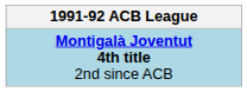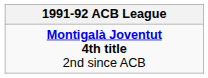 <table class="wikitable" style="margin: 0 auto; width: 20%;">
 <tr>
 <th>1991-92 ACB League</th>
 </tr>
 <tr>
-<td align=center style="background: lightblue;"><strong><a href='#'>Montigalà Joventut</a></strong><br><strong>4th title</strong> <br>2nd since ACB</td>
+<td align=center><strong><a href='#'>Montigalà Joventut</a></strong><br><strong>4th title</strong> <br>2nd since ACB</td>
 </tr>
 </table>
